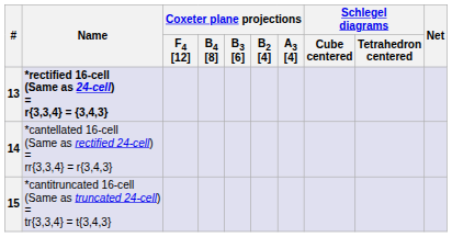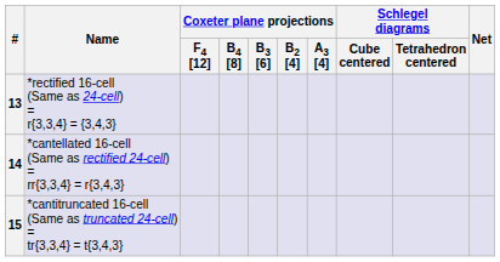 <table class="wikitable">
 <tr>
 <th rowspan=2>#</th>
 <th rowspan=2>Name</th>
 <th colspan=5><a href='#'>Coxeter plane</a> projections</th>
 <th colspan=2><a href='#'>Schlegel<br>diagrams</a></th>
 <th rowspan=2>Net</th>
 </tr>
 <tr>
 <th>F<sub>4</sub><br>[12]</th>
 <th>B<sub>4</sub><br>[8]</th>
 <th>B<sub>3</sub><br>[6]</th>
 <th>B<sub>2</sub><br>[4]</th>
 <th>A<sub>3</sub><br>[4]</th>
 <th>Cube<br>centered</th>
 <th>Tetrahedron<br>centered</th>
 </tr>
 <tr BGCOLOR="#e0e0f0">
 <th>13</th>
-<td><strong>*rectified 16-cell<br>(Same as <em><a href='#'>24-cell</a></em>)<br> = <br>r{3,3,4} = {3,4,3}</strong></td>
+<td>*rectified 16-cell<br>(Same as <em><a href='#'>24-cell</a></em>)<br> = <br>r{3,3,4} = {3,4,3}</td>
 <td></td>
 <td></td>
 <td></td>
 <td></td>
 <td></td>
 <td></td>
 <td></td>
 <td></td>
 </tr>
 <tr BGCOLOR="#e0e0f0">
 <th>14</th>
 <td>*cantellated 16-cell<br>(Same as <em><a href='#'>rectified 24-cell</a></em>)<br> = <br>rr{3,3,4} = r{3,4,3}</td>
 <td></td>
 <td></td>
 <td></td>
 <td></td>
 <td></td>
 <td></td>
 <td></td>
 <td></td>
 </tr>
 <tr BGCOLOR="#e0e0f0">
 <th>15</th>
 <td>*cantitruncated 16-cell<br>(Same as <em><a href='#'>truncated 24-cell</a></em>)<br> = <br>tr{3,3,4} = t{3,4,3}</td>
 <td></td>
 <td></td>
 <td></td>
 <td></td>
 <td></td>
 <td></td>
 <td></td>
 <td></td>
 </tr>
 </table>
